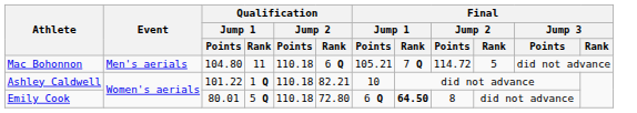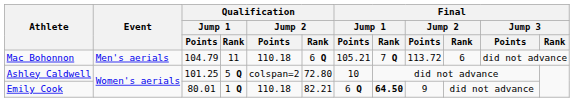 <table class=wikitable style=font-size:90%;text-align:center>
 <tr>
 <th rowspan=3>Athlete</th>
 <th rowspan=3>Event</th>
 <th colspan=4>Qualification</th>
 <th colspan=6>Final</th>
 </tr>
 <tr style=font-size:95%>
 <th colspan=2>Jump 1</th>
 <th colspan=2>Jump 2</th>
 <th colspan=2>Jump 1</th>
 <th colspan=2>Jump 2</th>
 <th colspan=2>Jump 3</th>
 </tr>
 <tr style=font-size:95%>
 <th>Points</th>
 <th>Rank</th>
 <th>Points</th>
 <th>Rank</th>
 <th>Points</th>
 <th>Rank</th>
 <th>Points</th>
 <th>Rank</th>
 <th>Points</th>
 <th>Rank</th>
 </tr>
 <tr>
 <td align=left><a href='#'>Mac Bohonnon</a></td>
 <td align=left><a href='#'>Men's aerials</a></td>
-<td>104.80</td>
+<td>104.79</td>
 <td>11</td>
 <td>110.18</td>
 <td>6 <strong>Q</strong></td>
 <td>105.21</td>
 <td>7 <strong>Q</strong></td>
-<td>114.72</td>
-<td>5</td>
+<td>113.72</td>
+<td>6</td>
 <td colspan=2>did not advance</td>
 </tr>
 <tr>
 <td align=left><a href='#'>Ashley Caldwell</a></td>
 <td align=left rowspan=2><a href='#'>Women's aerials</a></td>
-<td>101.22</td>
-<td>1 <strong>Q</strong></td>
-<td>110.18</td>
-<td>82.21</td>
+<td>101.25</td>
+<td>5 <strong>Q</strong></td>
+<td>colspan=2 </td>
+<td>72.80</td>
 <td>10</td>
 <td colspan=4>did not advance</td>
 </tr>
 <tr>
 <td align=left><a href='#'>Emily Cook</a></td>
 <td>80.01</td>
-<td>5 <strong>Q</strong></td>
+<td>1 <strong>Q</strong></td>
 <td>110.18</td>
-<td>72.80</td>
+<td>82.21</td>
 <td>6 <strong>Q</strong></td>
 <td><strong>64.50</strong></td>
-<td>8</td>
+<td>9</td>
 <td colspan=2>did not advance</td>
 </tr>
 </table>
